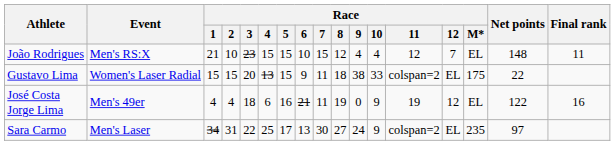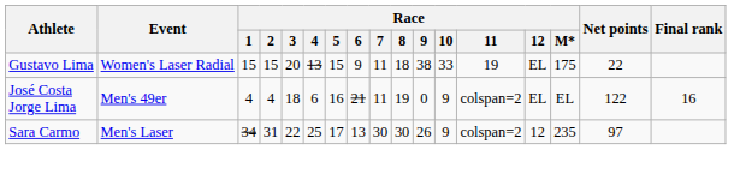 <table class="wikitable" style="font-size:90%">
 <tr>
 <th rowspan="2">Athlete</th>
 <th rowspan="2">Event</th>
 <th colspan=13>Race</th>
 <th rowspan=2>Net points</th>
 <th rowspan=2>Final rank</th>
 </tr>
 <tr style="font-size:95%">
 <th>1</th>
 <th>2</th>
 <th>3</th>
 <th>4</th>
 <th>5</th>
 <th>6</th>
 <th>7</th>
 <th>8</th>
 <th>9</th>
 <th>10</th>
 <th>11</th>
 <th>12</th>
 <th>M*</th>
 </tr>
 <tr align=center>
-<td align=left><a href='#'>João Rodrigues</a></td>
-<td align=left><a href='#'>Men's RS:X</a></td>
-<td>21</td>
-<td>10</td>
-<td><s>23</s></td>
-<td>15</td>
-<td>15</td>
-<td>10</td>
-<td>15</td>
-<td>12</td>
-<td>4</td>
-<td>4</td>
-<td>12</td>
-<td>7</td>
-<td>EL</td>
-<td>148</td>
-<td>11</td>
-</tr>
-<tr align=center>
 <td align=left><a href='#'>Gustavo Lima</a></td>
 <td align=left><a href='#'>Women's Laser Radial</a></td>
 <td>15</td>
 <td>15</td>
 <td>20</td>
 <td><s>13</s></td>
 <td>15</td>
 <td>9</td>
 <td>11</td>
 <td>18</td>
 <td>38</td>
 <td>33</td>
-<td>colspan=2 </td>
+<td>19</td>
 <td>EL</td>
 <td>175</td>
 <td>22</td>
 </tr>
 <tr align=center>
 <td align=left><a href='#'>José Costa</a><br><a href='#'>Jorge Lima</a></td>
 <td align=left><a href='#'>Men's 49er</a></td>
 <td>4</td>
 <td>4</td>
 <td>18</td>
 <td>6</td>
 <td>16</td>
 <td><s>21</s></td>
 <td>11</td>
 <td>19</td>
 <td>0</td>
 <td>9</td>
-<td>19</td>
-<td>12</td>
+<td>colspan=2 </td>
+<td>EL</td>
 <td>EL</td>
 <td>122</td>
 <td>16</td>
 </tr>
 <tr align=center>
 <td align=left><a href='#'>Sara Carmo</a></td>
 <td align=left><a href='#'>Men's Laser</a></td>
 <td><s>34</s></td>
 <td>31</td>
 <td>22</td>
 <td>25</td>
 <td>17</td>
 <td>13</td>
 <td>30</td>
-<td>27</td>
-<td>24</td>
+<td>30</td>
+<td>26</td>
 <td>9</td>
 <td>colspan=2 </td>
-<td>EL</td>
+<td>12</td>
 <td>235</td>
 <td>97</td>
 </tr>
 </table>
